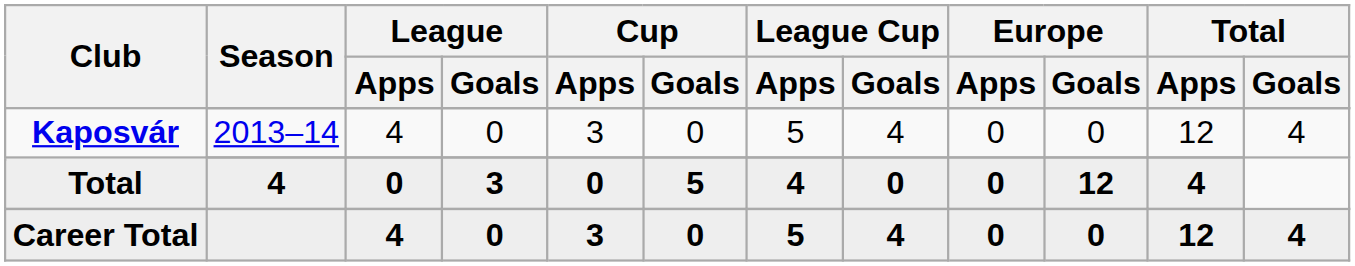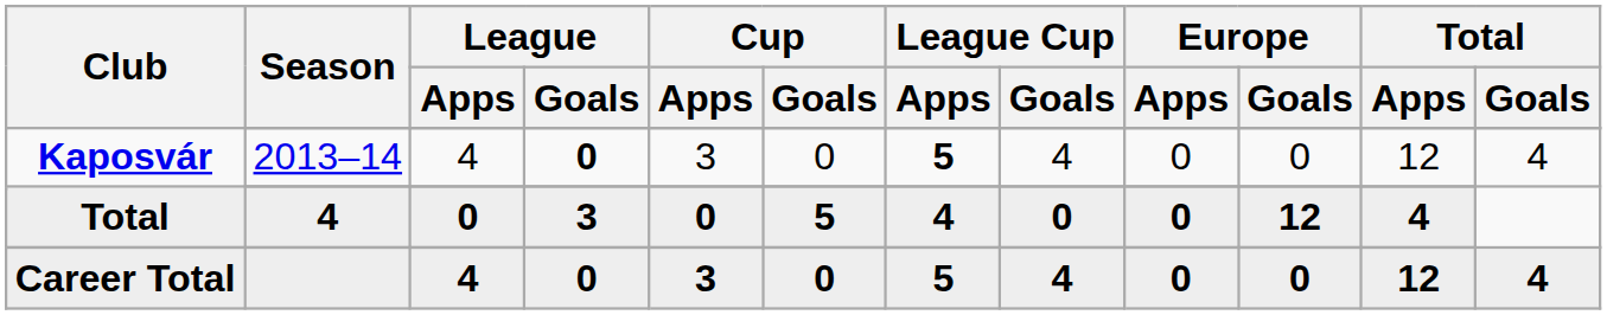 <table class="wikitable" style="font-size:90%; text-align: center;">
 <tr>
 <th rowspan="2">Club</th>
 <th rowspan="2">Season</th>
 <th colspan="2">League</th>
 <th colspan="2">Cup</th>
 <th colspan="2">League Cup</th>
 <th colspan="2">Europe</th>
 <th colspan="2">Total</th>
 </tr>
 <tr>
 <th>Apps</th>
 <th>Goals</th>
 <th>Apps</th>
 <th>Goals</th>
 <th>Apps</th>
 <th>Goals</th>
 <th>Apps</th>
 <th>Goals</th>
 <th>Apps</th>
 <th>Goals</th>
 </tr>
 <tr ||-||-||-|->
 <td rowspan="3" valign="center"><strong><a href='#'>Kaposvár</a></strong></td>
 </tr>
 <tr>
 <td><a href='#'>2013–14</a></td>
 <td>4</td>
-<td>0</td>
+<td><strong>0</strong></td>
 <td>3</td>
 <td>0</td>
-<td>5</td>
+<td><strong>5</strong></td>
 <td>4</td>
 <td>0</td>
 <td>0</td>
 <td>12</td>
 <td>4</td>
 </tr>
 <tr>
 </tr>
 <tr style="font-weight:bold; background-color:#eeeeee;">
 <td>Total</td>
 <td>4</td>
 <td>0</td>
 <td>3</td>
 <td>0</td>
 <td>5</td>
 <td>4</td>
 <td>0</td>
 <td>0</td>
 <td>12</td>
 <td>4</td>
 </tr>
 <tr>
 </tr>
 <tr style="font-weight:bold; background-color:#eeeeee;">
 <td rowspan="2" valign="top"><strong>Career Total</strong></td>
 <td></td>
 <td><strong>4</strong></td>
 <td><strong>0</strong></td>
 <td><strong>3</strong></td>
 <td><strong>0</strong></td>
 <td><strong>5</strong></td>
 <td><strong>4</strong></td>
 <td><strong>0</strong></td>
 <td><strong>0</strong></td>
 <td><strong>12</strong></td>
 <td><strong>4</strong></td>
 </tr>
 </table>
